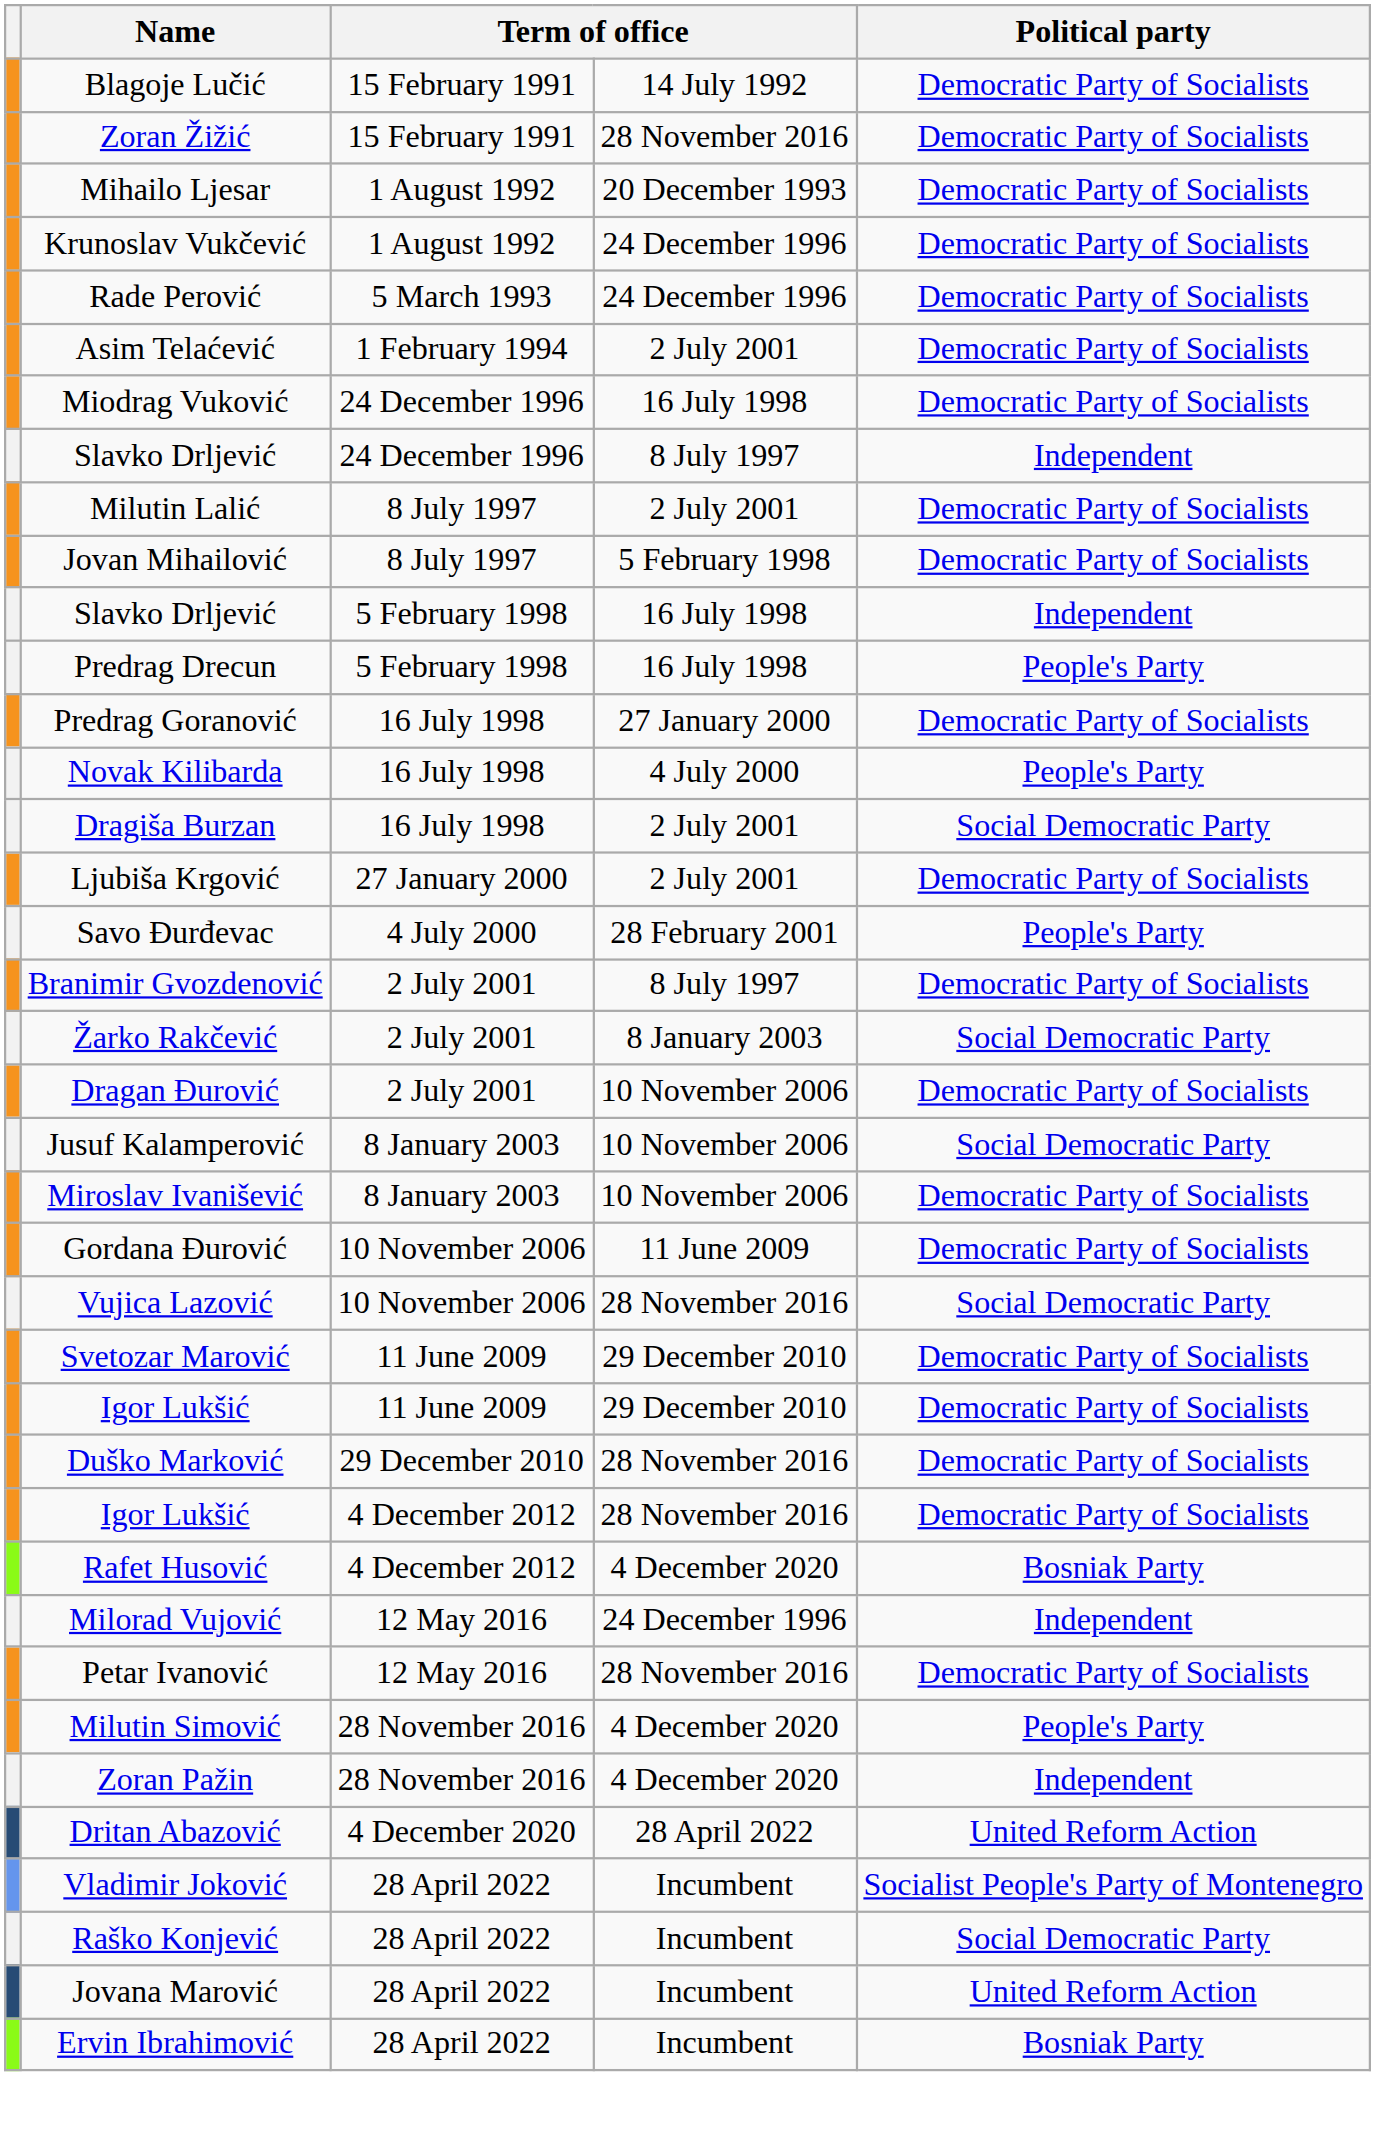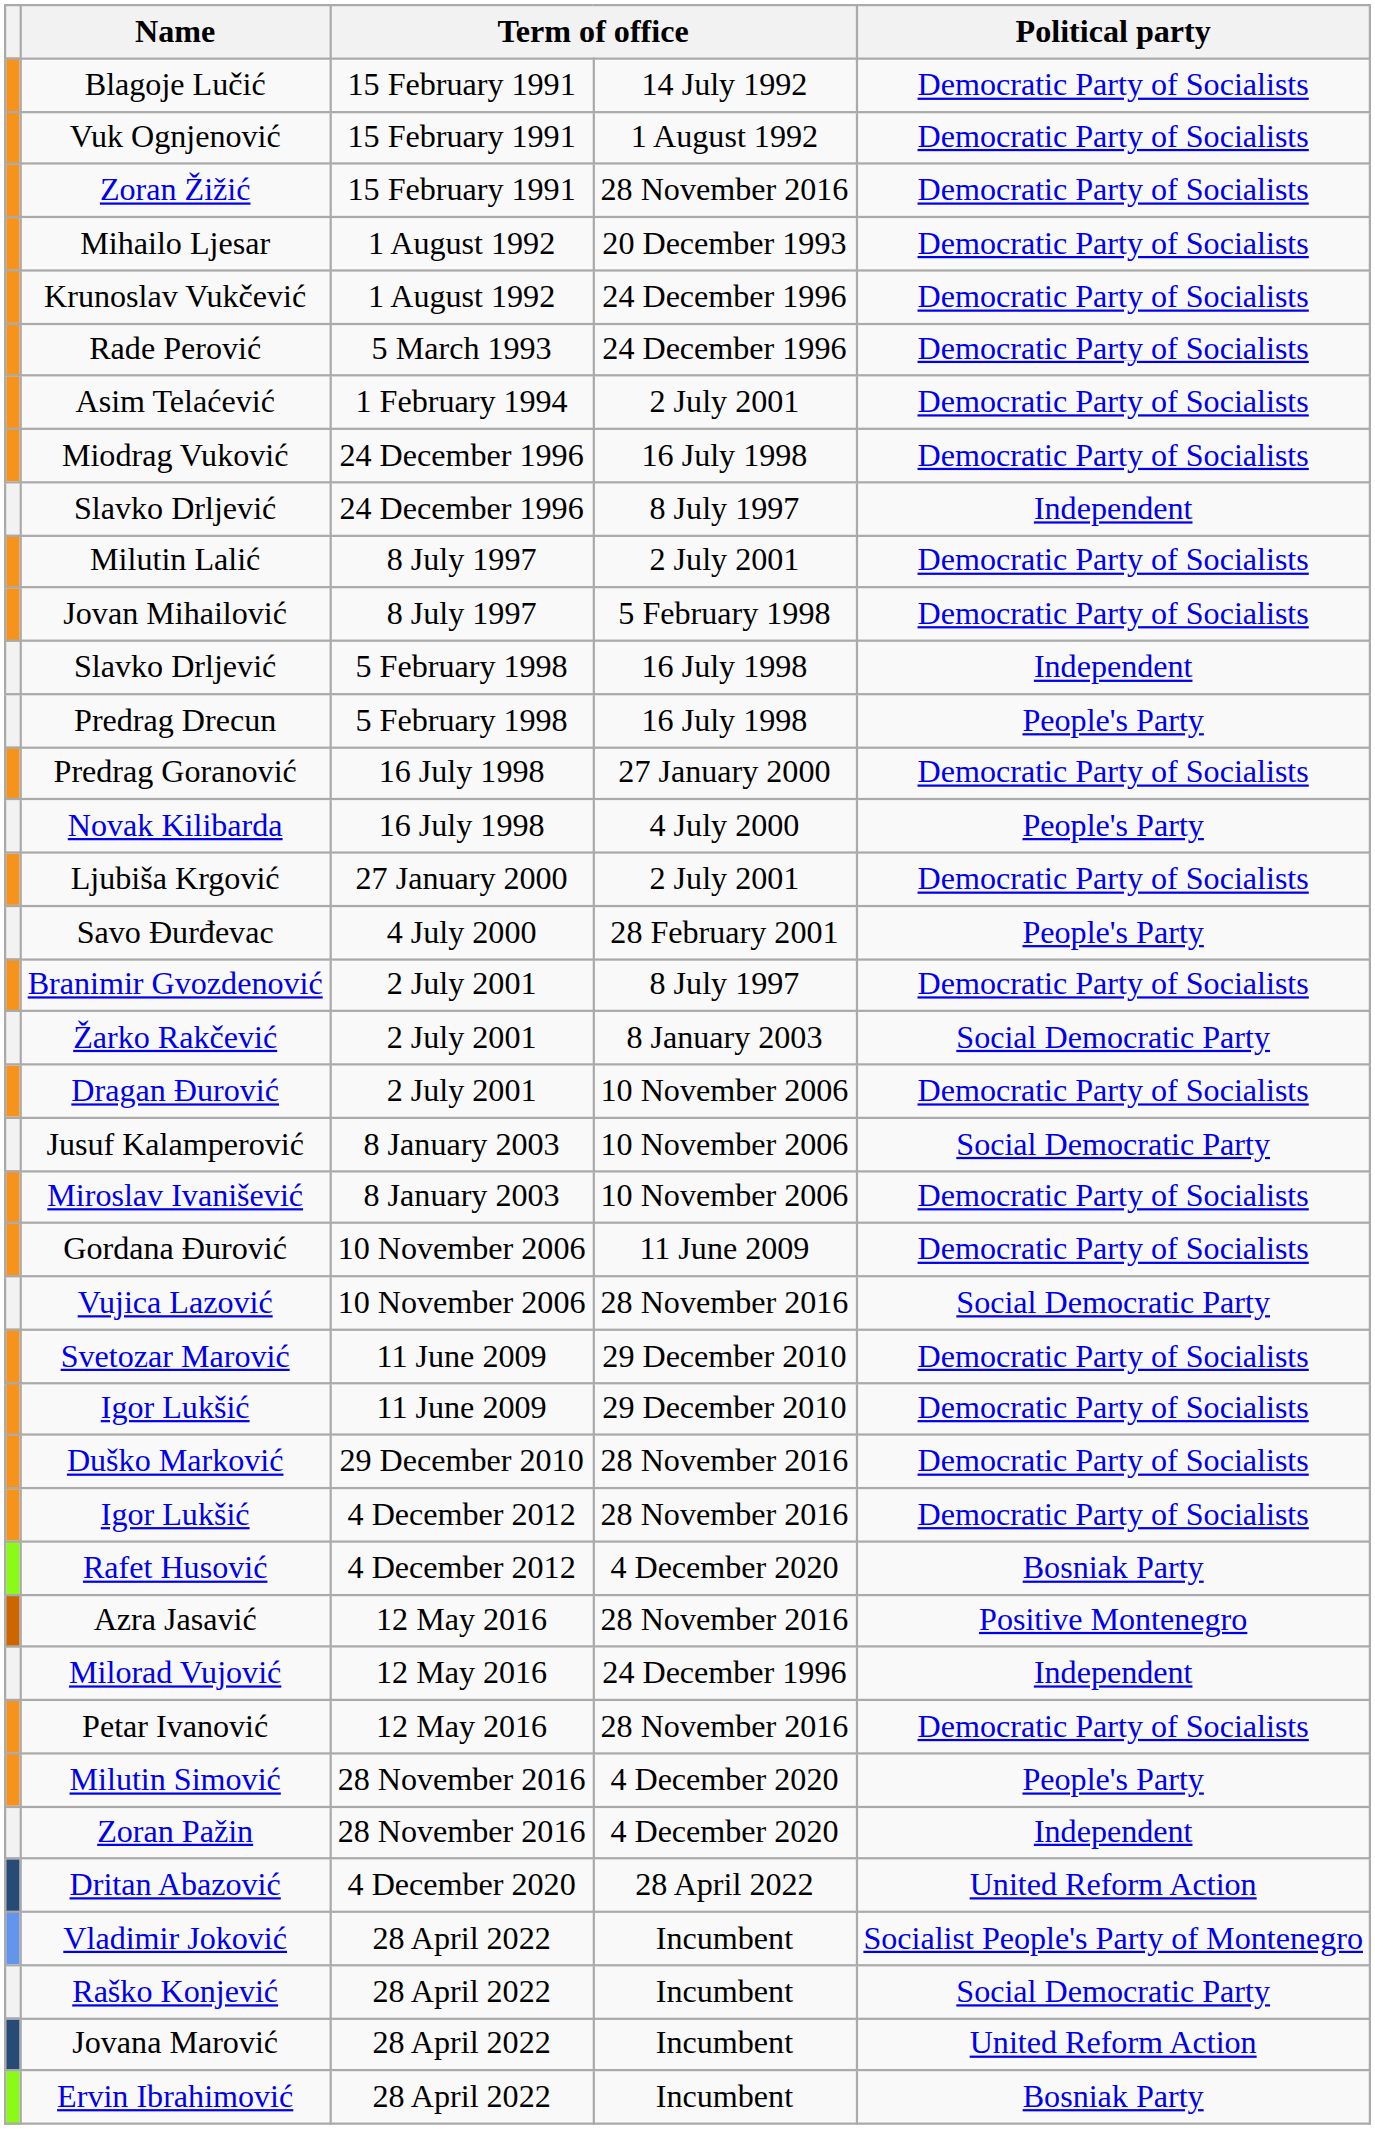 <table class="wikitable" style="font-size:90%;text-align:center">
 <tr>
 <th></th>
 <th>Name<br></th>
 <th colspan="2">Term of office</th>
 <th>Political party</th>
 </tr>
 <tr>
 <th style="background:#F6931D;"></th>
 <td>Blagoje Lučić</td>
 <td>15 February 1991</td>
 <td>14 July 1992</td>
+<td><a href='#'>Democratic Party of Socialists</a></td>
+</tr>
+<tr>
+<th style="background:#F6931D;"></th>
+<td>Vuk Ognjenović</td>
+<td>15 February 1991</td>
+<td>1 August 1992</td>
 <td><a href='#'>Democratic Party of Socialists</a></td>
 </tr>
 <tr>
 <th style="background:#F6931D;"></th>
 <td><a href='#'>Zoran Žižić</a></td>
 <td>15 February 1991</td>
 <td>28 November 2016</td>
 <td><a href='#'>Democratic Party of Socialists</a></td>
 </tr>
 <tr>
 <th style="background:#F6931D;"></th>
 <td>Mihailo Ljesar</td>
 <td>1 August 1992</td>
 <td>20 December 1993</td>
 <td><a href='#'>Democratic Party of Socialists</a></td>
 </tr>
 <tr>
 <th style="background:#F6931D;"></th>
 <td>Krunoslav Vukčević</td>
 <td>1 August 1992</td>
 <td>24 December 1996</td>
 <td><a href='#'>Democratic Party of Socialists</a></td>
 </tr>
 <tr>
 <th style="background:#F6931D;"></th>
 <td>Rade Perović</td>
 <td>5 March 1993</td>
 <td>24 December 1996</td>
 <td><a href='#'>Democratic Party of Socialists</a></td>
 </tr>
 <tr>
 <th style="background:#F6931D;"></th>
 <td>Asim Telaćević</td>
 <td>1 February 1994</td>
 <td>2 July 2001</td>
 <td><a href='#'>Democratic Party of Socialists</a></td>
 </tr>
 <tr>
 <th style="background:#F6931D;"></th>
 <td>Miodrag Vuković</td>
 <td>24 December 1996</td>
 <td>16 July 1998</td>
 <td><a href='#'>Democratic Party of Socialists</a></td>
 </tr>
 <tr>
 <th style="background:"></th>
 <td>Slavko Drljević</td>
 <td>24 December 1996</td>
 <td>8 July 1997</td>
 <td><a href='#'>Independent</a></td>
 </tr>
 <tr>
 <th style="background:#F6931D;"></th>
 <td>Milutin Lalić</td>
 <td>8 July 1997</td>
 <td>2 July 2001</td>
 <td><a href='#'>Democratic Party of Socialists</a></td>
 </tr>
 <tr>
 <th style="background:#F6931D;"></th>
 <td>Jovan Mihailović</td>
 <td>8 July 1997</td>
 <td>5 February 1998</td>
 <td><a href='#'>Democratic Party of Socialists</a></td>
 </tr>
 <tr>
 <th style="background:"></th>
 <td>Slavko Drljević</td>
 <td>5 February 1998</td>
 <td>16 July 1998</td>
 <td><a href='#'>Independent</a></td>
 </tr>
 <tr>
 <th style="background:"></th>
 <td>Predrag Drecun</td>
 <td>5 February 1998</td>
 <td>16 July 1998</td>
 <td><a href='#'>People's Party</a></td>
 </tr>
 <tr>
 <th style="background:#F6931D;"></th>
 <td>Predrag Goranović</td>
 <td>16 July 1998</td>
 <td>27 January 2000</td>
 <td><a href='#'>Democratic Party of Socialists</a></td>
 </tr>
 <tr>
 <th style="background:"></th>
 <td><a href='#'>Novak Kilibarda</a></td>
 <td>16 July 1998</td>
 <td>4 July 2000</td>
 <td><a href='#'>People's Party</a></td>
-</tr>
-<tr>
-<th style="background:"></th>
-<td><a href='#'>Dragiša Burzan</a></td>
-<td>16 July 1998</td>
-<td>2 July 2001</td>
-<td><a href='#'>Social Democratic Party</a></td>
 </tr>
 <tr>
 <th style="background:#F6931D;"></th>
 <td>Ljubiša Krgović</td>
 <td>27 January 2000</td>
 <td>2 July 2001</td>
 <td><a href='#'>Democratic Party of Socialists</a></td>
 </tr>
 <tr>
 <th style="background:"></th>
 <td>Savo Đurđevac</td>
 <td>4 July 2000</td>
 <td>28 February 2001</td>
 <td><a href='#'>People's Party</a></td>
 </tr>
 <tr>
 <th style="background:#F6931D;"></th>
 <td><a href='#'>Branimir Gvozdenović</a></td>
 <td>2 July 2001</td>
 <td>8 July 1997</td>
 <td><a href='#'>Democratic Party of Socialists</a></td>
 </tr>
 <tr>
 <th style="background:"></th>
 <td><a href='#'>Žarko Rakčević</a></td>
 <td>2 July 2001</td>
 <td>8 January 2003</td>
 <td><a href='#'>Social Democratic Party</a></td>
 </tr>
 <tr>
 <th style="background:#F6931D;"></th>
 <td><a href='#'>Dragan Đurović</a></td>
 <td>2 July 2001</td>
 <td>10 November 2006</td>
 <td><a href='#'>Democratic Party of Socialists</a></td>
 </tr>
 <tr>
 <th style="background:"></th>
 <td>Jusuf Kalamperović</td>
 <td>8 January 2003</td>
 <td>10 November 2006</td>
 <td><a href='#'>Social Democratic Party</a></td>
 </tr>
 <tr>
 <th style="background:#F6931D;"></th>
 <td><a href='#'>Miroslav Ivanišević</a></td>
 <td>8 January 2003</td>
 <td>10 November 2006</td>
 <td><a href='#'>Democratic Party of Socialists</a></td>
 </tr>
 <tr>
 <th style="background:#F6931D;"></th>
 <td>Gordana Đurović</td>
 <td>10 November 2006</td>
 <td>11 June 2009</td>
 <td><a href='#'>Democratic Party of Socialists</a></td>
 </tr>
 <tr>
 <th style="background:"></th>
 <td><a href='#'>Vujica Lazović</a></td>
 <td>10 November 2006</td>
 <td>28 November 2016</td>
 <td><a href='#'>Social Democratic Party</a></td>
 </tr>
 <tr>
 <th style="background:#F6931D;"></th>
 <td><a href='#'>Svetozar Marović</a></td>
 <td>11 June 2009</td>
 <td>29 December 2010</td>
 <td><a href='#'>Democratic Party of Socialists</a></td>
 </tr>
 <tr>
 <th style="background:#F6931D;"></th>
 <td><a href='#'>Igor Lukšić</a></td>
 <td>11 June 2009</td>
 <td>29 December 2010</td>
 <td><a href='#'>Democratic Party of Socialists</a></td>
 </tr>
 <tr>
 <th style="background:#F6931D;"></th>
 <td><a href='#'>Duško Marković</a></td>
 <td>29 December 2010</td>
 <td>28 November 2016</td>
 <td><a href='#'>Democratic Party of Socialists</a></td>
 </tr>
 <tr>
 <th style="background:#F6931D;"></th>
 <td><a href='#'>Igor Lukšić</a></td>
 <td>4 December 2012</td>
 <td>28 November 2016</td>
 <td><a href='#'>Democratic Party of Socialists</a></td>
 </tr>
 <tr>
 <th style="background:#8AFB17;"></th>
 <td><a href='#'>Rafet Husović</a></td>
 <td>4 December 2012</td>
 <td>4 December 2020</td>
 <td><a href='#'>Bosniak Party</a></td>
 </tr>
 <tr>
+<th style="background:#cc6600;"></th>
+<td>Azra Jasavić</td>
+<td>12 May 2016</td>
+<td>28 November 2016</td>
+<td><a href='#'>Positive Montenegro</a></td>
+</tr>
+<tr>
 <th style="background:"></th>
 <td><a href='#'>Milorad Vujović</a></td>
 <td>12 May 2016</td>
 <td>24 December 1996</td>
 <td><a href='#'>Independent</a></td>
 </tr>
 <tr>
 <th style="background:#F6931D;"></th>
 <td>Petar Ivanović</td>
 <td>12 May 2016</td>
 <td>28 November 2016</td>
 <td><a href='#'>Democratic Party of Socialists</a></td>
 </tr>
 <tr>
 <th style="background:#F6931D;"></th>
 <td><a href='#'>Milutin Simović</a></td>
 <td>28 November 2016</td>
 <td>4 December 2020</td>
 <td><a href='#'>People's Party</a></td>
 </tr>
 <tr>
 <th style="background:"></th>
 <td><a href='#'>Zoran Pažin</a></td>
 <td>28 November 2016</td>
 <td>4 December 2020</td>
 <td><a href='#'>Independent</a></td>
 </tr>
 <tr>
 <th style="background:#274B75;"></th>
 <td><a href='#'>Dritan Abazović</a></td>
 <td>4 December 2020</td>
 <td>28 April 2022</td>
 <td><a href='#'>United Reform Action</a></td>
 </tr>
 <tr>
 <th style="background: #6495ed;"></th>
 <td><a href='#'>Vladimir Joković</a></td>
 <td>28 April 2022</td>
 <td>Incumbent</td>
 <td><a href='#'>Socialist People's Party of Montenegro</a></td>
 </tr>
 <tr>
 <th style="background:"></th>
 <td><a href='#'>Raško Konjević</a></td>
 <td>28 April 2022</td>
 <td>Incumbent</td>
 <td><a href='#'>Social Democratic Party</a></td>
 </tr>
 <tr>
 <th style="background:#274B75;"></th>
 <td>Jovana Marović</td>
 <td>28 April 2022</td>
 <td>Incumbent</td>
 <td><a href='#'>United Reform Action</a></td>
 </tr>
 <tr>
 <th style="background:#8AFB17;"></th>
 <td><a href='#'>Ervin Ibrahimović</a></td>
 <td>28 April 2022</td>
 <td>Incumbent</td>
 <td><a href='#'>Bosniak Party</a></td>
 </tr>
 </table>
